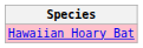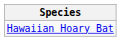 <table class="wikitable">
 <tr>
 <th>Species</th>
 </tr>
 <tr>
-<td style="background: pink;"><a href='#'>Hawaiian Hoary Bat</a></td>
+<td><a href='#'>Hawaiian Hoary Bat</a></td>
 </tr>
 </table>
